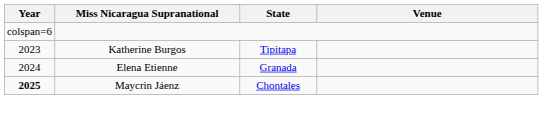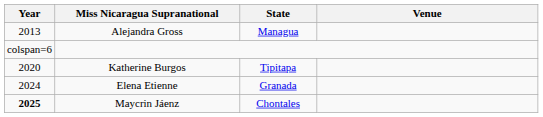 <table class="wikitable sortable" style="font-size: 95%; text-align:center">
 <tr>
 <th width="60">Year</th>
 <th width="250">Miss Nicaragua Supranational</th>
 <th width="100">State</th>
 <th width="300">Venue</th>
 </tr>
 <tr>
+<td>2013</td>
+<td>Alejandra Gross</td>
+<td><a href='#'>Managua</a></td>
+<td></td>
+</tr>
+<tr>
 <td>colspan=6 </td>
 </tr>
 <tr>
-<td>2023</td>
+<td>2020</td>
 <td>Katherine Burgos</td>
 <td><a href='#'>Tipitapa</a></td>
 <td></td>
 </tr>
 <tr>
 <td>2024</td>
 <td>Elena Etienne</td>
 <td><a href='#'>Granada</a></td>
 <td></td>
 </tr>
 <tr>
 <td><strong>2025</strong></td>
 <td>Maycrin Jáenz</td>
 <td><a href='#'>Chontales</a></td>
 <td></td>
 </tr>
 </table>
